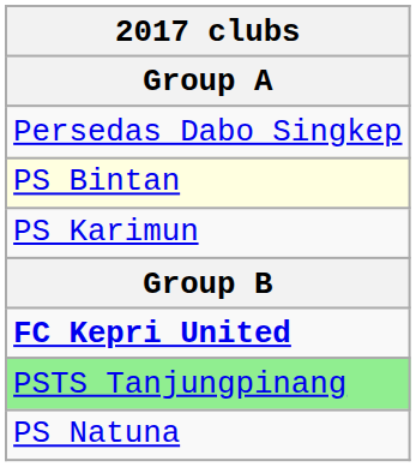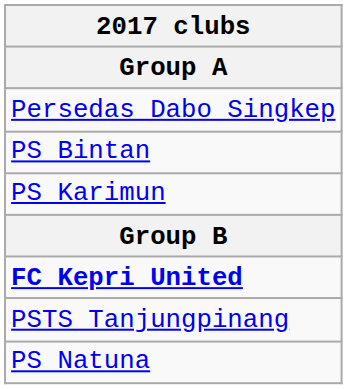 <table class="wikitable">
 <tr>
 <th><strong>2017 clubs</strong></th>
 </tr>
 <tr>
 <th><strong>Group A</strong></th>
 </tr>
 <tr>
 <td><a href='#'>Persedas Dabo Singkep</a></td>
 </tr>
 <tr>
-<td style="background: lightyellow;"><a href='#'>PS Bintan</a></td>
+<td><a href='#'>PS Bintan</a></td>
 </tr>
 <tr>
 <td><a href='#'>PS Karimun</a></td>
 </tr>
 <tr>
 <th><strong>Group B</strong></th>
 </tr>
 <tr>
 <td><strong><a href='#'>FC Kepri United</a></strong></td>
 </tr>
 <tr>
-<td style="background: lightgreen;"><a href='#'>PSTS Tanjungpinang</a></td>
+<td><a href='#'>PSTS Tanjungpinang</a></td>
 </tr>
 <tr>
 <td><a href='#'>PS Natuna</a></td>
 </tr>
 </table>
